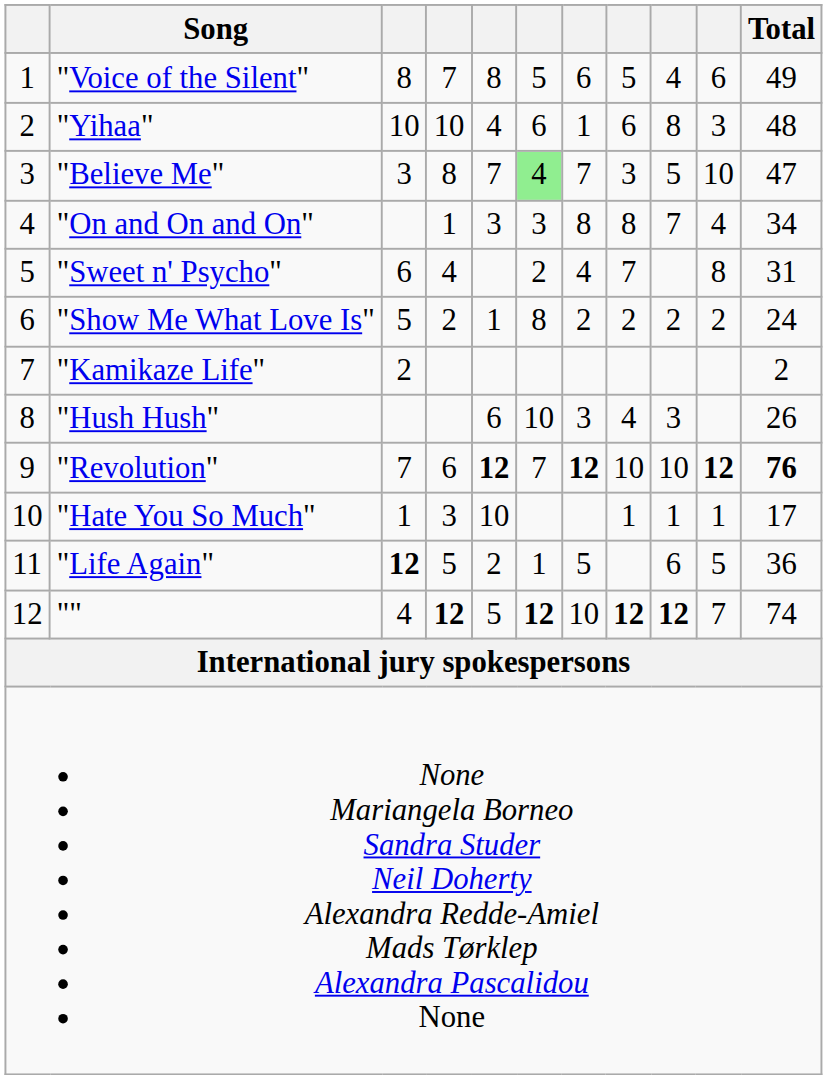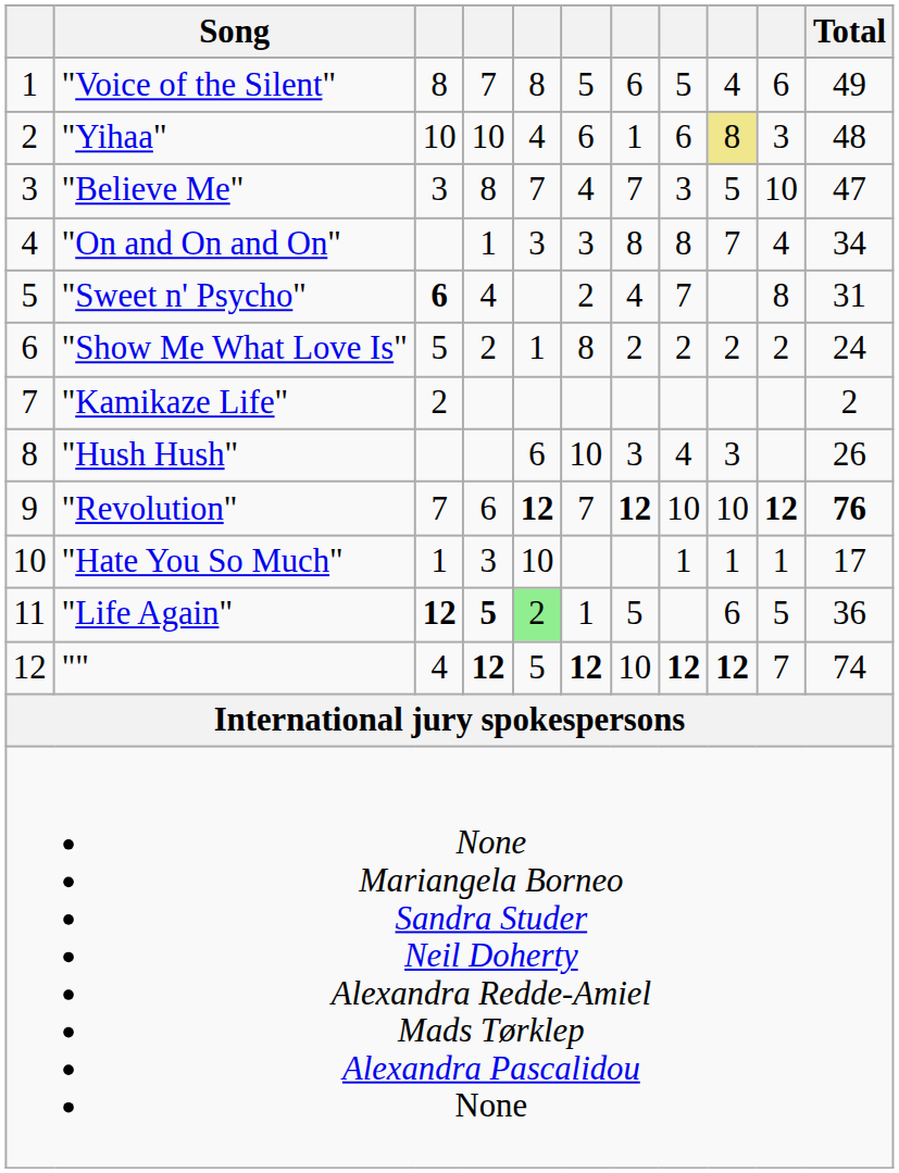 <table class="wikitable" style="margin: 1em auto 1em auto; text-align:center;">
 <tr>
 <th></th>
 <th>Song</th>
 <th></th>
 <th></th>
 <th></th>
 <th></th>
 <th></th>
 <th></th>
 <th></th>
 <th></th>
 <th>Total</th>
 </tr>
 <tr>
 <td>1</td>
 <td align="left">"<a href='#'>Voice of the Silent</a>"</td>
 <td>8</td>
 <td>7</td>
 <td>8</td>
 <td>5</td>
 <td>6</td>
 <td>5</td>
 <td>4</td>
 <td>6</td>
 <td>49</td>
 </tr>
 <tr>
 <td>2</td>
 <td align="left">"<a href='#'>Yihaa</a>"</td>
 <td>10</td>
 <td>10</td>
 <td>4</td>
 <td>6</td>
 <td>1</td>
 <td>6</td>
-<td>8</td>
+<td style="background: khaki;">8</td>
 <td>3</td>
 <td>48</td>
 </tr>
 <tr>
 <td>3</td>
 <td align="left">"<a href='#'>Believe Me</a>"</td>
 <td>3</td>
 <td>8</td>
 <td>7</td>
-<td style="background: lightgreen;">4</td>
+<td>4</td>
 <td>7</td>
 <td>3</td>
 <td>5</td>
 <td>10</td>
 <td>47</td>
 </tr>
 <tr>
 <td>4</td>
 <td align="left">"<a href='#'>On and On and On</a>"</td>
 <td></td>
 <td>1</td>
 <td>3</td>
 <td>3</td>
 <td>8</td>
 <td>8</td>
 <td>7</td>
 <td>4</td>
 <td>34</td>
 </tr>
 <tr>
 <td>5</td>
 <td align="left">"<a href='#'>Sweet n' Psycho</a>"</td>
-<td>6</td>
+<td><strong>6</strong></td>
 <td>4</td>
 <td></td>
 <td>2</td>
 <td>4</td>
 <td>7</td>
 <td></td>
 <td>8</td>
 <td>31</td>
 </tr>
 <tr>
 <td>6</td>
 <td align="left">"<a href='#'>Show Me What Love Is</a>"</td>
 <td>5</td>
 <td>2</td>
 <td>1</td>
 <td>8</td>
 <td>2</td>
 <td>2</td>
 <td>2</td>
 <td>2</td>
 <td>24</td>
 </tr>
 <tr>
 <td>7</td>
 <td align="left">"<a href='#'>Kamikaze Life</a>"</td>
 <td>2</td>
 <td></td>
 <td></td>
 <td></td>
 <td></td>
 <td></td>
 <td></td>
 <td></td>
 <td>2</td>
 </tr>
 <tr>
 <td>8</td>
 <td align="left">"<a href='#'>Hush Hush</a>"</td>
 <td></td>
 <td></td>
 <td>6</td>
 <td>10</td>
 <td>3</td>
 <td>4</td>
 <td>3</td>
 <td></td>
 <td>26</td>
 </tr>
 <tr>
 <td>9</td>
 <td align="left">"<a href='#'>Revolution</a>"</td>
 <td>7</td>
 <td>6</td>
 <td><strong>12</strong></td>
 <td>7</td>
 <td><strong>12</strong></td>
 <td>10</td>
 <td>10</td>
 <td><strong>12</strong></td>
 <td><strong>76</strong></td>
 </tr>
 <tr>
 <td>10</td>
 <td align="left">"<a href='#'>Hate You So Much</a>"</td>
 <td>1</td>
 <td>3</td>
 <td>10</td>
 <td></td>
 <td></td>
 <td>1</td>
 <td>1</td>
 <td>1</td>
 <td>17</td>
 </tr>
 <tr>
 <td>11</td>
 <td align="left">"<a href='#'>Life Again</a>"</td>
 <td><strong>12</strong></td>
-<td>5</td>
-<td>2</td>
+<td><strong>5</strong></td>
+<td style="background: lightgreen;">2</td>
 <td>1</td>
 <td>5</td>
 <td></td>
 <td>6</td>
 <td>5</td>
 <td>36</td>
 </tr>
 <tr>
 <td>12</td>
 <td align="left">""</td>
 <td>4</td>
 <td><strong>12</strong></td>
 <td>5</td>
 <td><strong>12</strong></td>
 <td>10</td>
 <td><strong>12</strong></td>
 <td><strong>12</strong></td>
 <td>7</td>
 <td>74</td>
 </tr>
 <tr class="sortbottom">
 <th colspan="11">International jury spokespersons</th>
 </tr>
 <tr class="sortbottom">
 <td colspan="11"><br><ul><li><em>None</li><li>Mariangela Borneo</li><li><a href='#'>Sandra Studer</a></li><li><a href='#'> Neil Doherty</a></li><li>Alexandra Redde-Amiel</li><li>Mads Tørklep</li><li><a href='#'>Alexandra Pascalidou</a></li><li></em>None<em></li></ul></td>
 </tr>
 </table>
